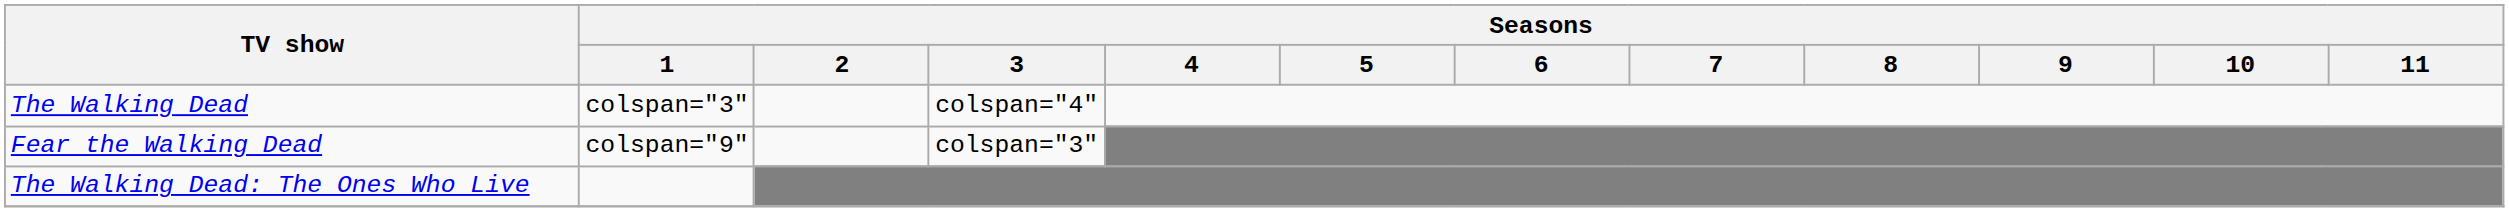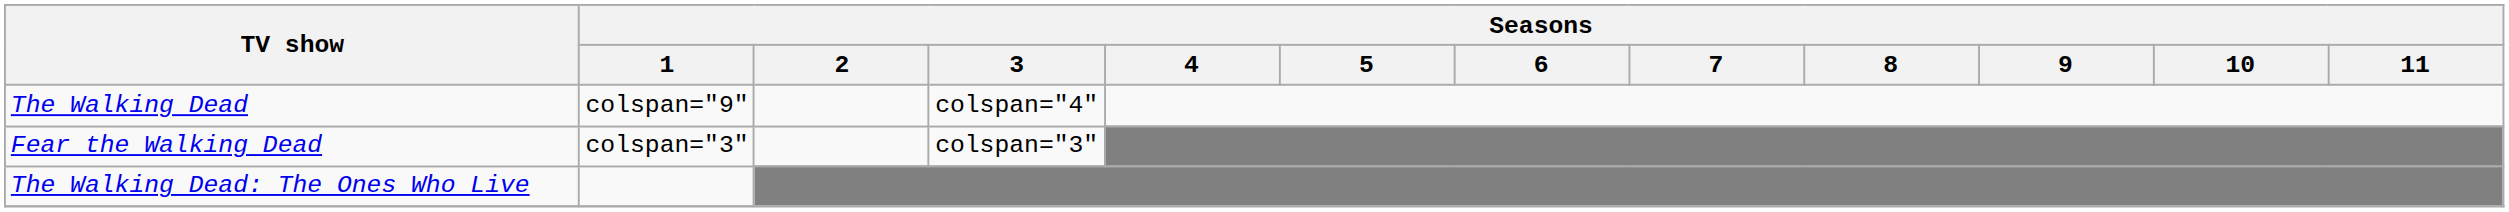 <table class="wikitable plainrowheaders">
 <tr>
 <th scope="col" rowspan="2">TV show</th>
 <th scope="col" colspan="11">Seasons</th>
 </tr>
 <tr>
 <th scope="col" style="width:7%;">1</th>
 <th scope="col" style="width:7%;">2</th>
 <th scope="col" style="width:7%;">3</th>
 <th scope="col" style="width:7%;">4</th>
 <th scope="col" style="width:7%;">5</th>
 <th scope="col" style="width:7%;">6</th>
 <th scope="col" style="width:7%;">7</th>
 <th scope="col" style="width:7%;">8</th>
 <th scope="col" style="width:7%;">9</th>
 <th scope="col" style="width:7%;">10</th>
 <th scope="col" style="width:7%;">11</th>
 </tr>
 <tr>
 <td scope="row"><em><a href='#'>The Walking Dead</a></em></td>
-<td>colspan="3" </td>
+<td>colspan="9" </td>
 <td></td>
 <td>colspan="4" </td>
 </tr>
 <tr>
 <td scope="row"><em><a href='#'>Fear the Walking Dead</a></em></td>
-<td>colspan="9" </td>
+<td>colspan="3" </td>
 <td></td>
 <td>colspan="3" </td>
 <td colspan="55" bgcolor=gray></td>
 </tr>
 <tr>
 <td scope="row"><em><a href='#'>The Walking Dead: The Ones Who Live</a></em></td>
 <td></td>
 <td colspan="55" bgcolor=gray></td>
 </tr>
 <tr>
 </tr>
 </table>
